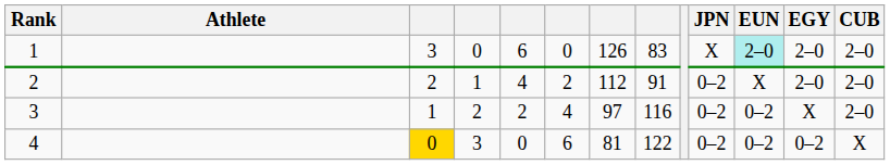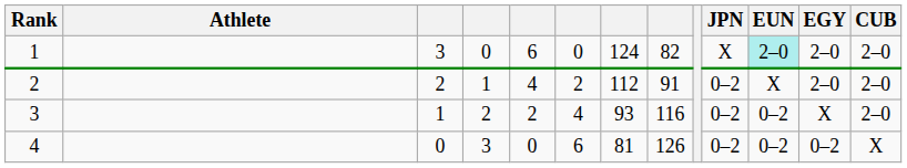 <table class="wikitable" style="text-align:center">
 <tr>
 <th width=40>Rank</th>
 <th width=280>Athlete</th>
 <th width=30></th>
 <th width=30></th>
 <th width=30></th>
 <th width=30></th>
 <th width=30></th>
 <th width=30></th>
 <th rowspan=5></th>
 <th width=30>JPN</th>
 <th width=30>EUN</th>
 <th width=30>EGY</th>
 <th width=30>CUB</th>
 </tr>
 <tr style="border-bottom:2px solid green;">
 <td>1</td>
 <td align=left></td>
 <td>3</td>
 <td>0</td>
 <td>6</td>
 <td>0</td>
-<td>126</td>
-<td>83</td>
+<td>124</td>
+<td>82</td>
 <td>X</td>
 <td style="background: paleturquoise;">2–0</td>
 <td>2–0</td>
 <td>2–0</td>
 </tr>
 <tr>
 <td>2</td>
 <td align=left></td>
 <td>2</td>
 <td>1</td>
 <td>4</td>
 <td>2</td>
 <td>112</td>
 <td>91</td>
 <td>0–2</td>
 <td>X</td>
 <td>2–0</td>
 <td>2–0</td>
 </tr>
 <tr>
 <td>3</td>
 <td align=left></td>
 <td>1</td>
 <td>2</td>
 <td>2</td>
 <td>4</td>
-<td>97</td>
+<td>93</td>
 <td>116</td>
 <td>0–2</td>
 <td>0–2</td>
 <td>X</td>
 <td>2–0</td>
 </tr>
 <tr>
 <td>4</td>
 <td align=left></td>
-<td style="background: gold;">0</td>
+<td>0</td>
 <td>3</td>
 <td>0</td>
 <td>6</td>
 <td>81</td>
-<td>122</td>
+<td>126</td>
 <td>0–2</td>
 <td>0–2</td>
 <td>0–2</td>
 <td>X</td>
 </tr>
 </table>
